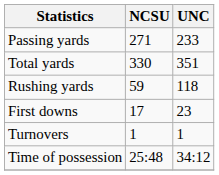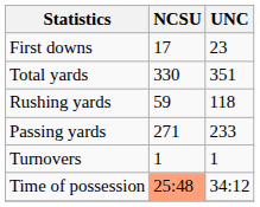 <table class="wikitable">
 <tr>
 <th>Statistics</th>
 <th>NCSU</th>
 <th>UNC</th>
 </tr>
 <tr>
-<td>Passing yards</td>
-<td>271</td>
-<td>233</td>
+<td>First downs</td>
+<td>17</td>
+<td>23</td>
 </tr>
 <tr>
 <td>Total yards</td>
 <td>330</td>
 <td>351</td>
 </tr>
 <tr>
 <td>Rushing yards</td>
 <td>59</td>
 <td>118</td>
 </tr>
 <tr>
-<td>First downs</td>
-<td>17</td>
-<td>23</td>
+<td>Passing yards</td>
+<td>271</td>
+<td>233</td>
 </tr>
 <tr>
 <td>Turnovers</td>
 <td>1</td>
 <td>1</td>
 </tr>
 <tr>
 <td>Time of possession</td>
-<td>25:48</td>
+<td style="background: lightsalmon;">25:48</td>
 <td>34:12</td>
 </tr>
 <tr>
 </tr>
 </table>
